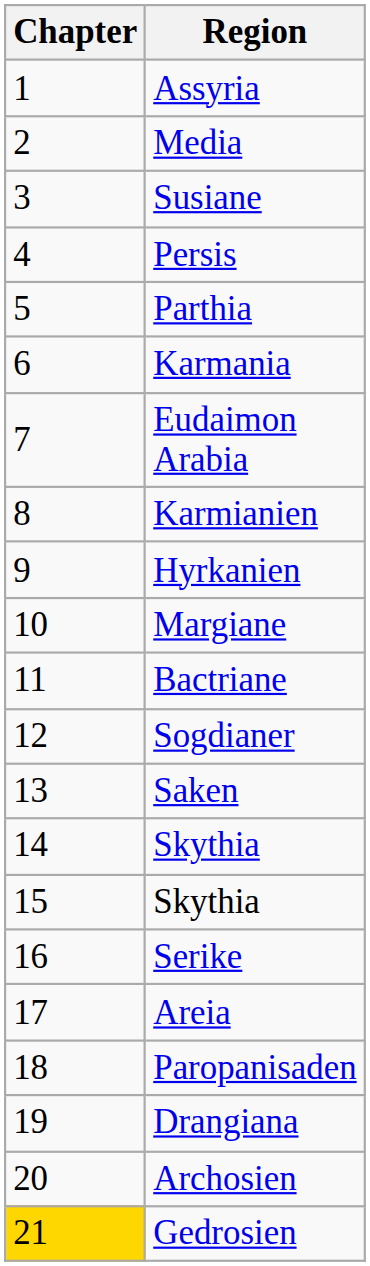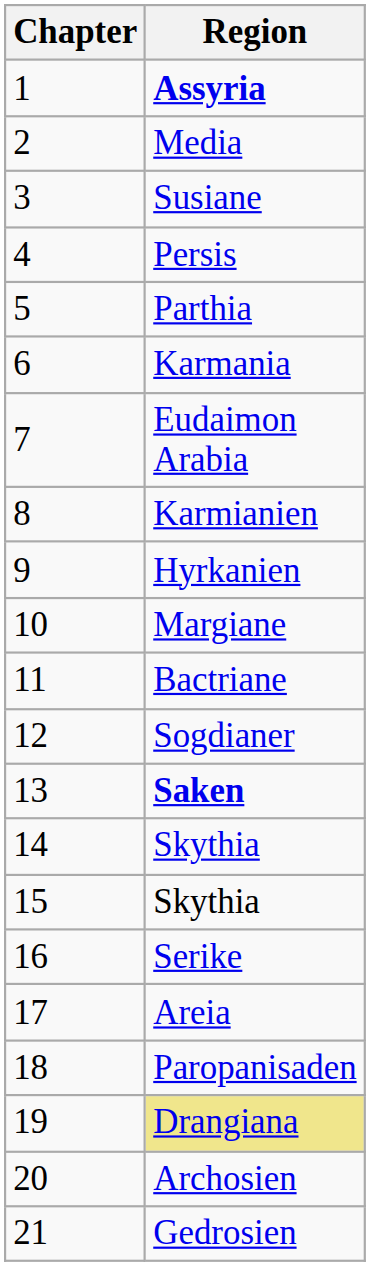 <table class="wikitable">
 <tr>
 <th>Chapter</th>
 <th>Region</th>
 </tr>
 <tr>
 <td>1</td>
-<td><a href='#'>Assyria</a></td>
+<td><strong><a href='#'>Assyria</a></strong></td>
 </tr>
 <tr>
 <td>2</td>
 <td><a href='#'>Media</a></td>
 </tr>
 <tr>
 <td>3</td>
 <td><a href='#'>Susiane</a></td>
 </tr>
 <tr>
 <td>4</td>
 <td><a href='#'>Persis</a></td>
 </tr>
 <tr>
 <td>5</td>
 <td><a href='#'>Parthia</a></td>
 </tr>
 <tr>
 <td>6</td>
 <td><a href='#'>Karmania</a></td>
 </tr>
 <tr>
 <td>7</td>
 <td><a href='#'>Eudaimon</a><br><a href='#'>Arabia</a></td>
 </tr>
 <tr>
 <td>8</td>
 <td><a href='#'>Karmianien</a></td>
 </tr>
 <tr>
 <td>9</td>
 <td><a href='#'>Hyrkanien</a></td>
 </tr>
 <tr>
 <td>10</td>
 <td><a href='#'>Margiane</a></td>
 </tr>
 <tr>
 <td>11</td>
 <td><a href='#'>Bactriane</a></td>
 </tr>
 <tr>
 <td>12</td>
 <td><a href='#'>Sogdianer</a></td>
 </tr>
 <tr>
 <td>13</td>
-<td><a href='#'>Saken</a></td>
+<td><strong><a href='#'>Saken</a></strong></td>
 </tr>
 <tr>
 <td>14</td>
 <td><a href='#'>Skythia</a></td>
 </tr>
 <tr>
 <td>15</td>
 <td>Skythia</td>
 </tr>
 <tr>
 <td>16</td>
 <td><a href='#'>Serike</a></td>
 </tr>
 <tr>
 <td>17</td>
 <td><a href='#'>Areia</a></td>
 </tr>
 <tr>
 <td>18</td>
 <td><a href='#'>Paropanisaden</a></td>
 </tr>
 <tr>
 <td>19</td>
-<td><a href='#'>Drangiana</a></td>
+<td style="background: khaki;"><a href='#'>Drangiana</a></td>
 </tr>
 <tr>
 <td>20</td>
 <td><a href='#'>Archosien</a></td>
 </tr>
 <tr>
-<td style="background: gold;">21</td>
+<td>21</td>
 <td><a href='#'>Gedrosien</a></td>
 </tr>
 </table>
